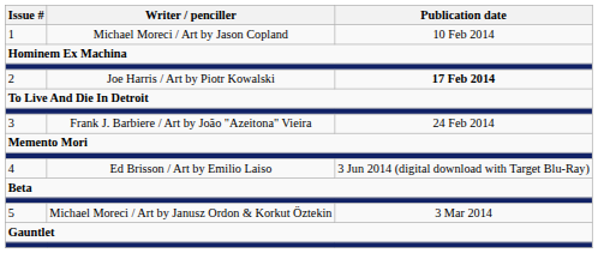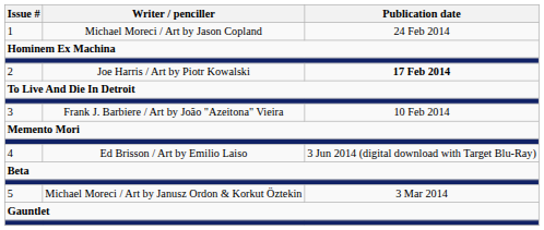 <table class="wikitable">
 <tr>
 <th>Issue #</th>
 <th>Writer / penciller</th>
 <th>Publication date</th>
 </tr>
 <tr>
 <td>1</td>
 <td align="center">Michael Moreci / Art by Jason Copland</td>
-<td align="center">10 Feb 2014</td>
+<td align="center">24 Feb 2014</td>
 </tr>
 <tr>
 <td colspan="6"><strong>Hominem Ex Machina</strong></td>
 </tr>
 <tr>
 <td colspan="6" bgcolor="#112266"></td>
 </tr>
 <tr>
 <td>2</td>
 <td align="center">Joe Harris / Art by Piotr Kowalski</td>
 <td align="center"><strong>17 Feb 2014</strong></td>
 </tr>
 <tr>
 <td colspan="6"><strong>To Live And Die In Detroit</strong></td>
 </tr>
 <tr>
 <td colspan="6" bgcolor="#112266"></td>
 </tr>
 <tr>
 <td>3</td>
 <td align="center">Frank J. Barbiere / Art by João "Azeitona" Vieira</td>
-<td align="center">24 Feb 2014</td>
+<td align="center">10 Feb 2014</td>
 </tr>
 <tr>
 <td colspan="6"><strong>Memento Mori</strong></td>
 </tr>
 <tr>
 <td colspan="6" bgcolor="#112266"></td>
 </tr>
 <tr>
 <td>4</td>
 <td align="center">Ed Brisson / Art by Emilio Laiso</td>
 <td align="center">3 Jun 2014 (digital download with Target Blu-Ray)</td>
 </tr>
 <tr>
 <td colspan="6"><strong>Beta</strong></td>
 </tr>
 <tr>
 <td colspan="6" bgcolor="#112266"></td>
 </tr>
 <tr>
 <td>5</td>
 <td align="center">Michael Moreci / Art by Janusz Ordon & Korkut Öztekin</td>
 <td align="center">3 Mar 2014</td>
 </tr>
 <tr>
 <td colspan="6"><strong>Gauntlet</strong></td>
 </tr>
 <tr>
 <td colspan="6" bgcolor="#112266"></td>
 </tr>
 <tr>
 </tr>
 </table>
